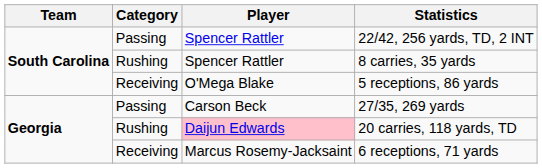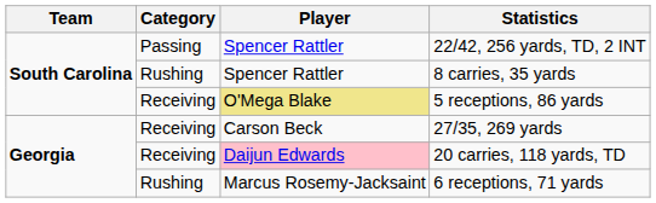 <table class="wikitable" style="float: right;">
 <tr>
 <th>Team</th>
 <th>Category</th>
 <th>Player</th>
 <th>Statistics</th>
 </tr>
 <tr>
 <td rowspan=3><strong>South Carolina</strong></td>
 <td>Passing</td>
 <td><a href='#'>Spencer Rattler</a></td>
 <td>22/42, 256 yards, TD, 2 INT</td>
 </tr>
 <tr>
 <td>Rushing</td>
 <td>Spencer Rattler</td>
 <td>8 carries, 35 yards</td>
 </tr>
 <tr>
 <td>Receiving</td>
-<td>O'Mega Blake</td>
+<td style="background: khaki;">O'Mega Blake</td>
 <td>5 receptions, 86 yards</td>
 </tr>
 <tr>
 <td rowspan=3><strong>Georgia</strong></td>
-<td>Passing</td>
+<td>Receiving</td>
 <td>Carson Beck</td>
 <td>27/35, 269 yards</td>
 </tr>
 <tr>
-<td>Rushing</td>
+<td>Receiving</td>
 <td style="background: pink;"><a href='#'>Daijun Edwards</a></td>
 <td>20 carries, 118 yards, TD</td>
 </tr>
 <tr>
-<td>Receiving</td>
+<td>Rushing</td>
 <td>Marcus Rosemy-Jacksaint</td>
 <td>6 receptions, 71 yards</td>
 </tr>
 </table>
